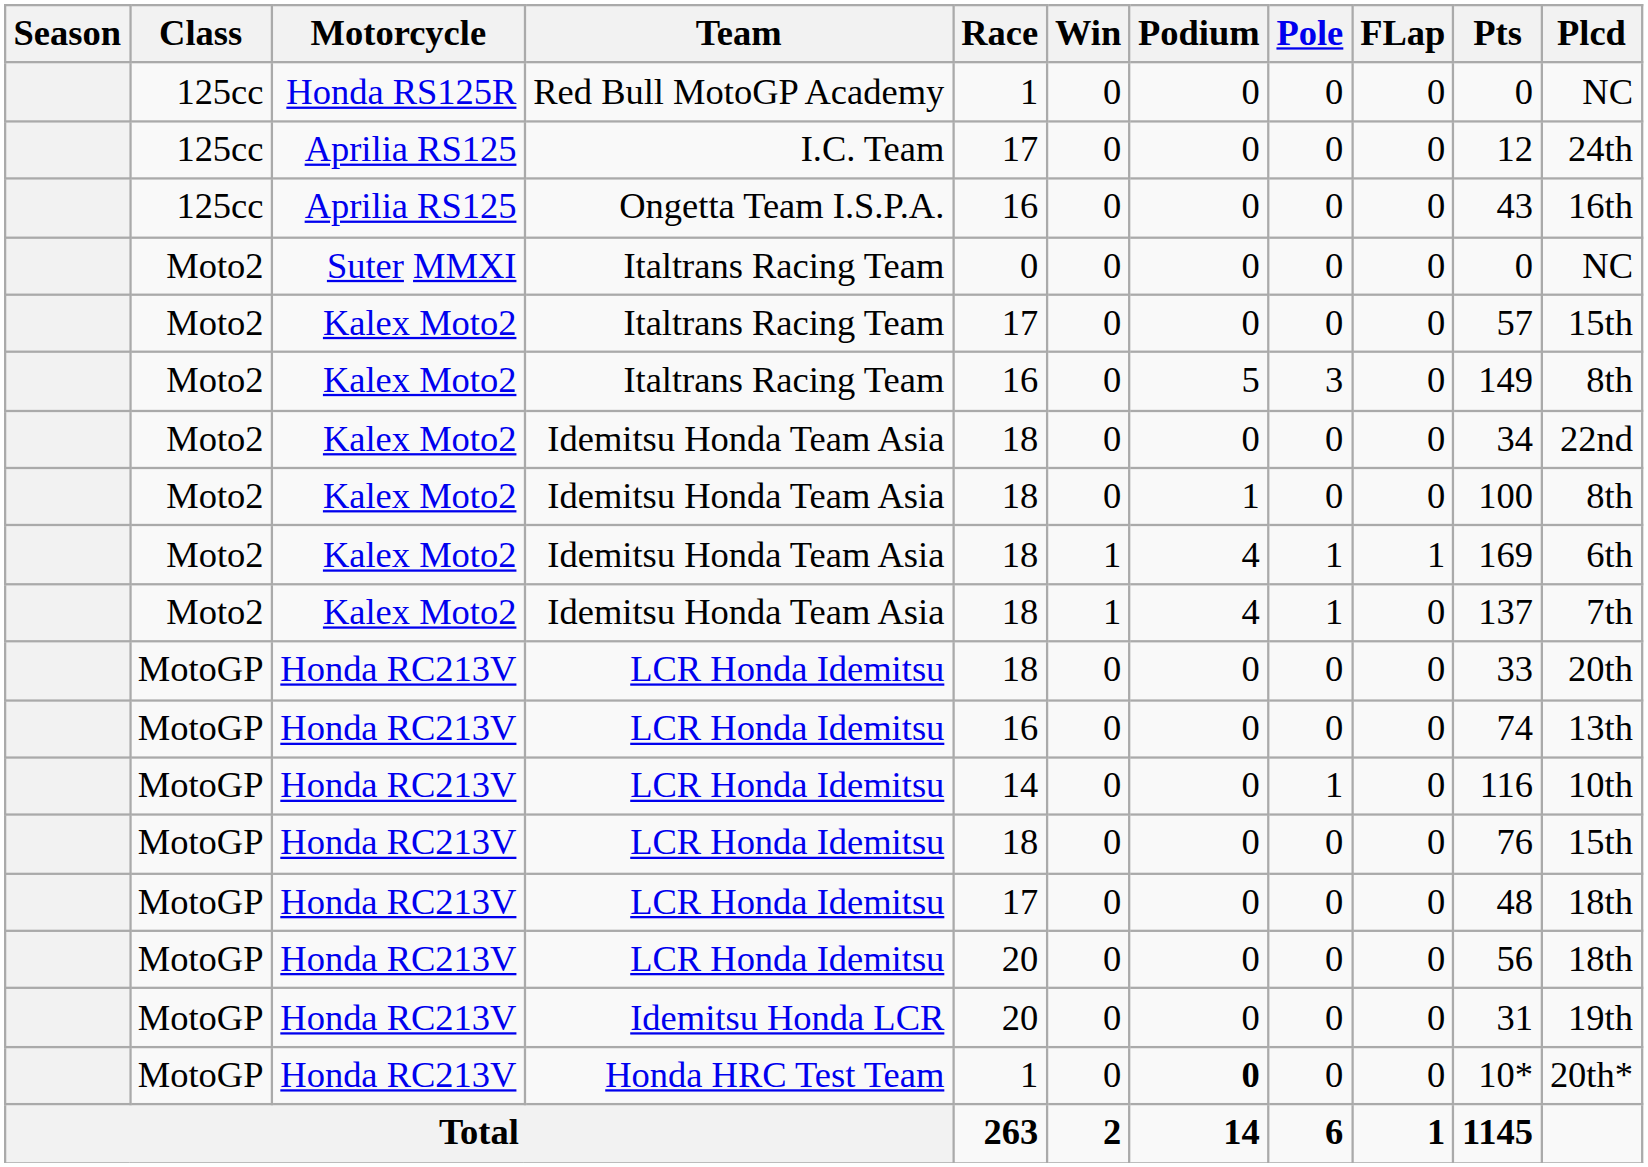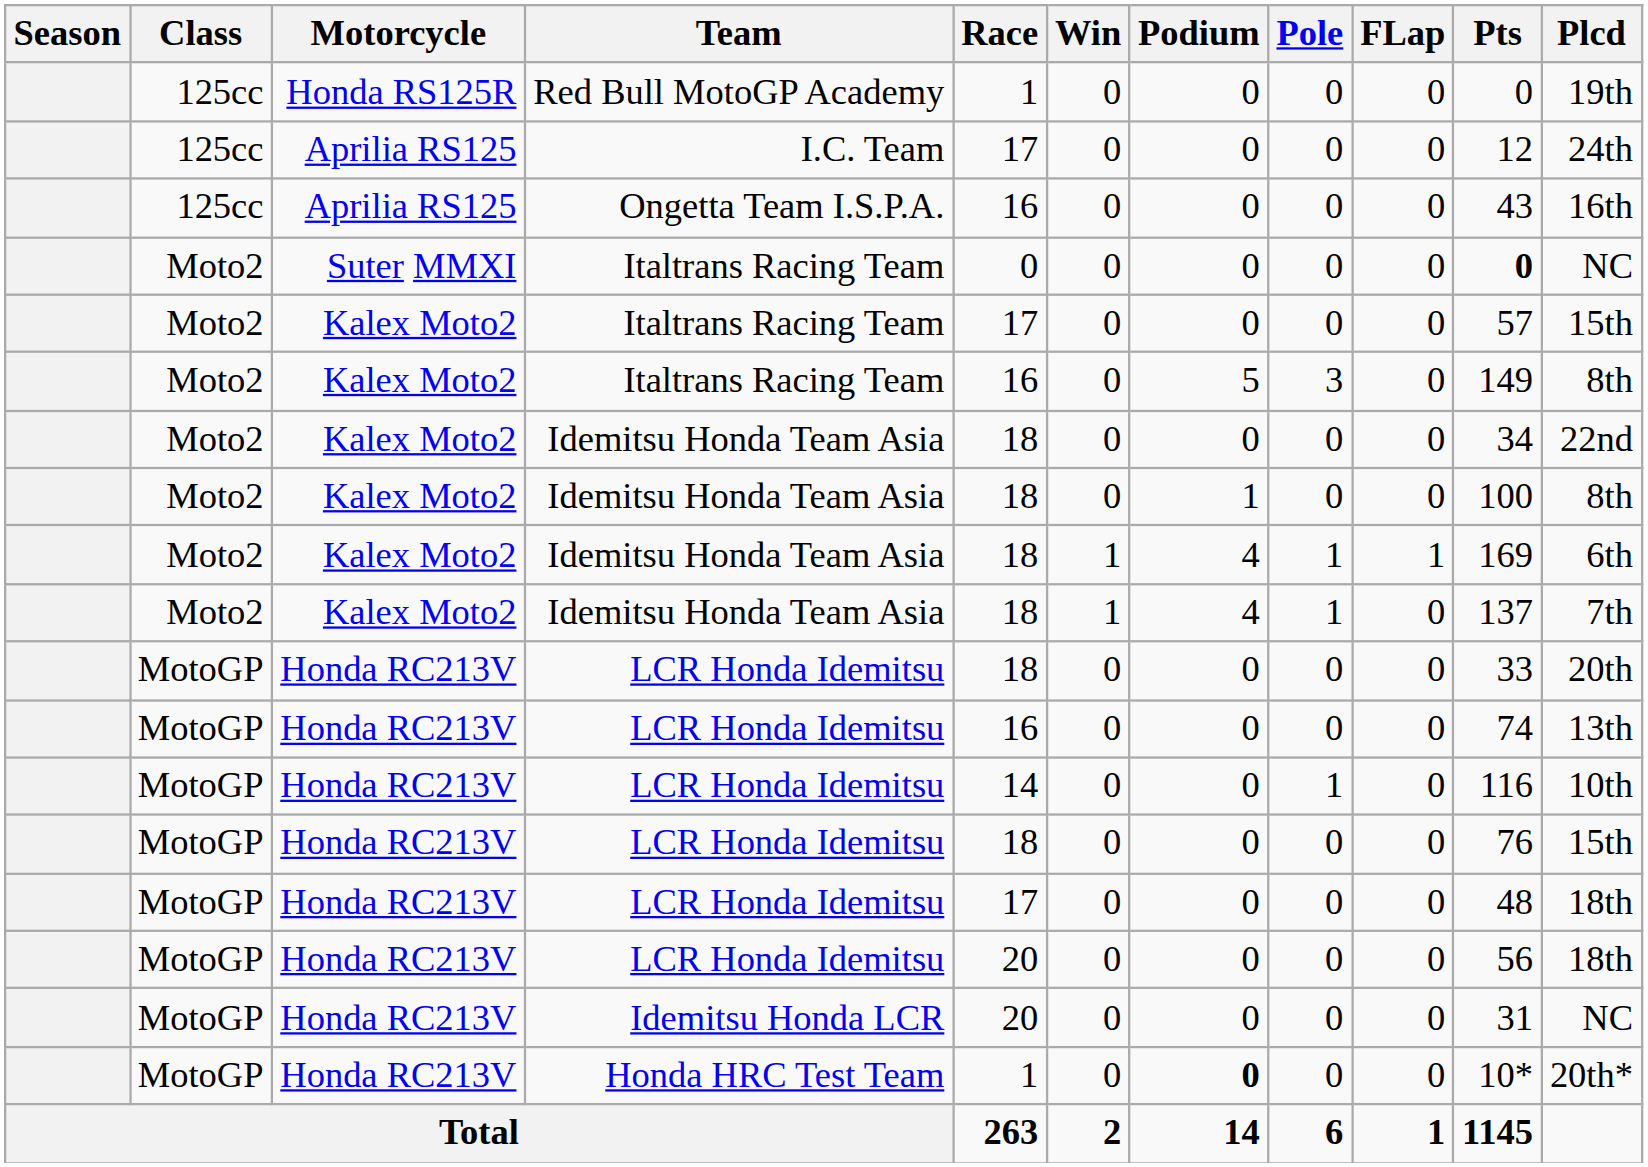 <table class="wikitable" style=text-align:right>
 <tr>
 <th>Season</th>
 <th>Class</th>
 <th>Motorcycle</th>
 <th>Team</th>
 <th>Race</th>
 <th>Win</th>
 <th>Podium</th>
 <th><a href='#'>Pole</a></th>
 <th>FLap</th>
 <th>Pts</th>
 <th>Plcd</th>
 </tr>
 <tr>
 <th></th>
 <td>125cc</td>
 <td><a href='#'>Honda RS125R</a></td>
 <td>Red Bull MotoGP Academy</td>
 <td>1</td>
 <td>0</td>
 <td>0</td>
 <td>0</td>
 <td>0</td>
 <td>0</td>
-<td>NC</td>
+<td>19th</td>
 </tr>
 <tr>
 <th></th>
 <td>125cc</td>
 <td><a href='#'>Aprilia RS125</a></td>
 <td>I.C. Team</td>
 <td>17</td>
 <td>0</td>
 <td>0</td>
 <td>0</td>
 <td>0</td>
 <td>12</td>
 <td>24th</td>
 </tr>
 <tr>
 <th></th>
 <td>125cc</td>
 <td><a href='#'>Aprilia RS125</a></td>
 <td>Ongetta Team I.S.P.A.</td>
 <td>16</td>
 <td>0</td>
 <td>0</td>
 <td>0</td>
 <td>0</td>
 <td>43</td>
 <td>16th</td>
 </tr>
 <tr>
 <th></th>
 <td>Moto2</td>
 <td><a href='#'>Suter</a> <a href='#'>MMXI</a></td>
 <td>Italtrans Racing Team</td>
 <td>0</td>
 <td>0</td>
 <td>0</td>
 <td>0</td>
 <td>0</td>
-<td>0</td>
+<td><strong>0</strong></td>
 <td>NC</td>
 </tr>
 <tr>
 <th></th>
 <td>Moto2</td>
 <td><a href='#'>Kalex Moto2</a></td>
 <td>Italtrans Racing Team</td>
 <td>17</td>
 <td>0</td>
 <td>0</td>
 <td>0</td>
 <td>0</td>
 <td>57</td>
 <td>15th</td>
 </tr>
 <tr>
 <th></th>
 <td>Moto2</td>
 <td><a href='#'>Kalex Moto2</a></td>
 <td>Italtrans Racing Team</td>
 <td>16</td>
 <td>0</td>
 <td>5</td>
 <td>3</td>
 <td>0</td>
 <td>149</td>
 <td>8th</td>
 </tr>
 <tr>
 <th></th>
 <td>Moto2</td>
 <td><a href='#'>Kalex Moto2</a></td>
 <td>Idemitsu Honda Team Asia</td>
 <td>18</td>
 <td>0</td>
 <td>0</td>
 <td>0</td>
 <td>0</td>
 <td>34</td>
 <td>22nd</td>
 </tr>
 <tr>
 <th></th>
 <td>Moto2</td>
 <td><a href='#'>Kalex Moto2</a></td>
 <td>Idemitsu Honda Team Asia</td>
 <td>18</td>
 <td>0</td>
 <td>1</td>
 <td>0</td>
 <td>0</td>
 <td>100</td>
 <td>8th</td>
 </tr>
 <tr>
 <th></th>
 <td>Moto2</td>
 <td><a href='#'>Kalex Moto2</a></td>
 <td>Idemitsu Honda Team Asia</td>
 <td>18</td>
 <td>1</td>
 <td>4</td>
 <td>1</td>
 <td>1</td>
 <td>169</td>
 <td>6th</td>
 </tr>
 <tr>
 <th></th>
 <td>Moto2</td>
 <td><a href='#'>Kalex Moto2</a></td>
 <td>Idemitsu Honda Team Asia</td>
 <td>18</td>
 <td>1</td>
 <td>4</td>
 <td>1</td>
 <td>0</td>
 <td>137</td>
 <td>7th</td>
 </tr>
 <tr>
 <th></th>
 <td>MotoGP</td>
 <td><a href='#'>Honda RC213V</a></td>
 <td><a href='#'>LCR Honda Idemitsu</a></td>
 <td>18</td>
 <td>0</td>
 <td>0</td>
 <td>0</td>
 <td>0</td>
 <td>33</td>
 <td>20th</td>
 </tr>
 <tr>
 <th></th>
 <td>MotoGP</td>
 <td><a href='#'>Honda RC213V</a></td>
 <td><a href='#'>LCR Honda Idemitsu</a></td>
 <td>16</td>
 <td>0</td>
 <td>0</td>
 <td>0</td>
 <td>0</td>
 <td>74</td>
 <td>13th</td>
 </tr>
 <tr>
 <th></th>
 <td>MotoGP</td>
 <td><a href='#'>Honda RC213V</a></td>
 <td><a href='#'>LCR Honda Idemitsu</a></td>
 <td>14</td>
 <td>0</td>
 <td>0</td>
 <td>1</td>
 <td>0</td>
 <td>116</td>
 <td>10th</td>
 </tr>
 <tr>
 <th></th>
 <td>MotoGP</td>
 <td><a href='#'>Honda RC213V</a></td>
 <td><a href='#'>LCR Honda Idemitsu</a></td>
 <td>18</td>
 <td>0</td>
 <td>0</td>
 <td>0</td>
 <td>0</td>
 <td>76</td>
 <td>15th</td>
 </tr>
 <tr>
 <th></th>
 <td>MotoGP</td>
 <td><a href='#'>Honda RC213V</a></td>
 <td><a href='#'>LCR Honda Idemitsu</a></td>
 <td>17</td>
 <td>0</td>
 <td>0</td>
 <td>0</td>
 <td>0</td>
 <td>48</td>
 <td>18th</td>
 </tr>
 <tr>
 <th></th>
 <td>MotoGP</td>
 <td><a href='#'>Honda RC213V</a></td>
 <td><a href='#'>LCR Honda Idemitsu</a></td>
 <td>20</td>
 <td>0</td>
 <td>0</td>
 <td>0</td>
 <td>0</td>
 <td>56</td>
 <td>18th</td>
 </tr>
 <tr>
 <th></th>
 <td>MotoGP</td>
 <td><a href='#'>Honda RC213V</a></td>
 <td><a href='#'>Idemitsu Honda LCR</a></td>
 <td>20</td>
 <td>0</td>
 <td>0</td>
 <td>0</td>
 <td>0</td>
 <td>31</td>
-<td>19th</td>
+<td>NC</td>
 </tr>
 <tr>
 <th></th>
 <td>MotoGP</td>
 <td><a href='#'>Honda RC213V</a></td>
 <td><a href='#'>Honda HRC Test Team</a></td>
 <td>1</td>
 <td>0</td>
 <td><strong>0</strong></td>
 <td>0</td>
 <td>0</td>
 <td>10*</td>
 <td>20th*</td>
 </tr>
 <tr>
 <th colspan=4>Total</th>
 <td><strong>263</strong></td>
 <td><strong>2</strong></td>
 <td><strong>14</strong></td>
 <td><strong>6</strong></td>
 <td><strong>1</strong></td>
 <td><strong>1145</strong></td>
 <td></td>
 </tr>
 </table>
